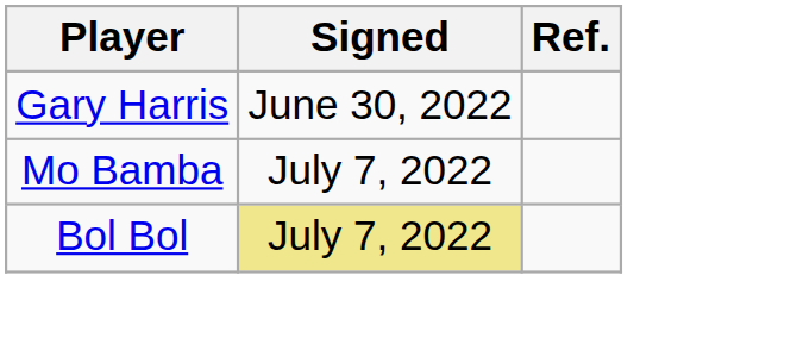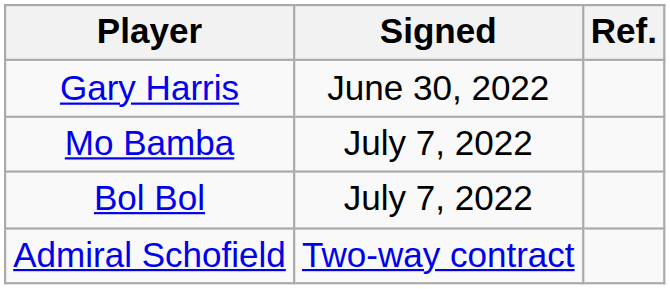 <table class="wikitable sortable sortable" style="text-align: center">
 <tr>
 <th>Player</th>
 <th>Signed</th>
 <th>Ref.</th>
 </tr>
 <tr>
 <td><a href='#'>Gary Harris</a></td>
 <td>June 30, 2022</td>
 <td></td>
 </tr>
 <tr>
 <td><a href='#'>Mo Bamba</a></td>
 <td>July 7, 2022</td>
 <td></td>
 </tr>
 <tr>
 <td><a href='#'>Bol Bol</a></td>
-<td style="background: khaki;">July 7, 2022</td>
+<td>July 7, 2022</td>
+<td></td>
+</tr>
+<tr>
+<td><a href='#'>Admiral Schofield</a></td>
+<td><a href='#'>Two-way contract</a></td>
 <td></td>
 </tr>
 </table>
